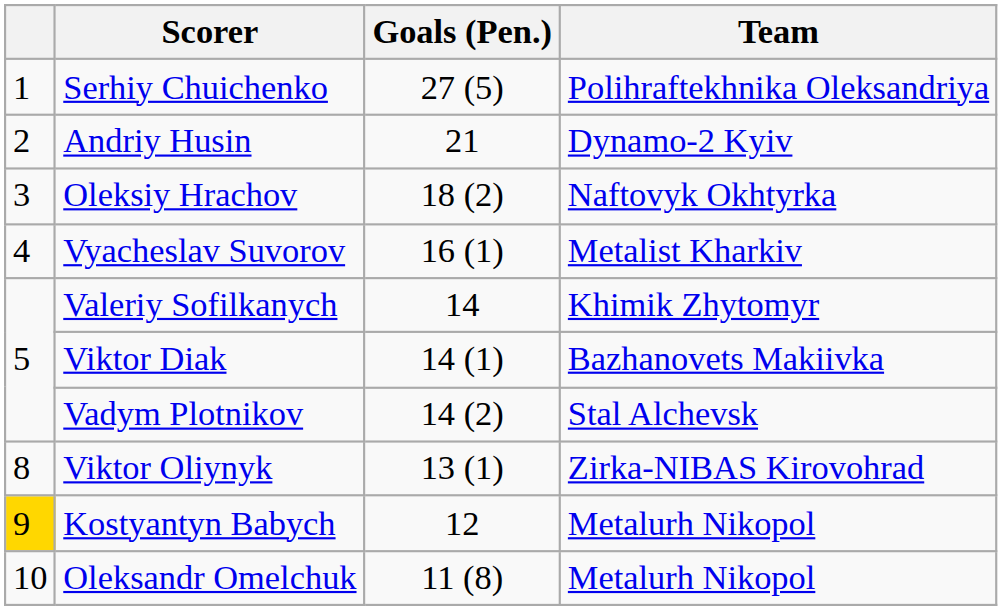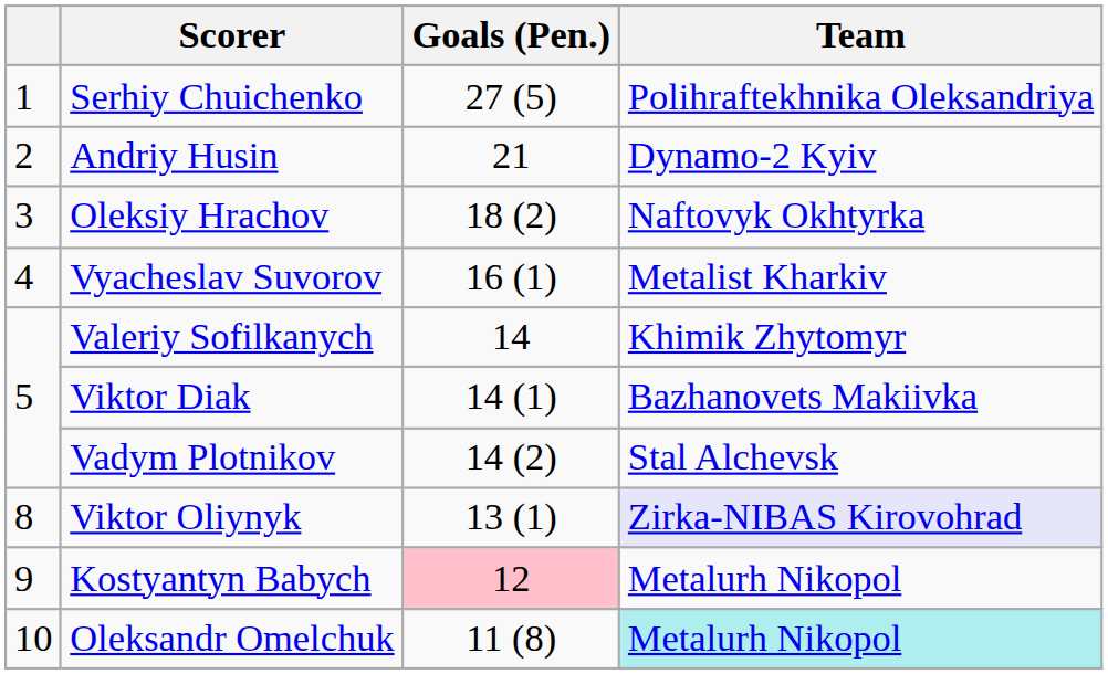 <table class="wikitable">
 <tr>
 <th></th>
 <th>Scorer</th>
 <th>Goals (Pen.)</th>
 <th>Team</th>
 </tr>
 <tr>
 <td>1</td>
 <td> <a href='#'>Serhiy Chuichenko</a></td>
 <td align=center>27 (5)</td>
 <td><a href='#'>Polihraftekhnika Oleksandriya</a></td>
 </tr>
 <tr>
 <td>2</td>
 <td> <a href='#'>Andriy Husin</a></td>
 <td align=center>21</td>
 <td><a href='#'>Dynamo-2 Kyiv</a></td>
 </tr>
 <tr>
 <td>3</td>
 <td> <a href='#'>Oleksiy Hrachov</a></td>
 <td align=center>18 (2)</td>
 <td><a href='#'>Naftovyk Okhtyrka</a></td>
 </tr>
 <tr>
 <td>4</td>
 <td> <a href='#'>Vyacheslav Suvorov</a></td>
 <td align=center>16 (1)</td>
 <td><a href='#'>Metalist Kharkiv</a></td>
 </tr>
 <tr>
 <td rowspan="3">5</td>
 <td> <a href='#'>Valeriy Sofilkanych</a></td>
 <td align=center>14</td>
 <td><a href='#'>Khimik Zhytomyr</a></td>
 </tr>
 <tr>
 <td> <a href='#'>Viktor Diak</a></td>
 <td align=center>14 (1)</td>
 <td><a href='#'>Bazhanovets Makiivka</a></td>
 </tr>
 <tr>
 <td> <a href='#'>Vadym Plotnikov</a></td>
 <td align=center>14 (2)</td>
 <td><a href='#'>Stal Alchevsk</a></td>
 </tr>
 <tr>
 <td>8</td>
 <td> <a href='#'>Viktor Oliynyk</a></td>
 <td align=center>13 (1)</td>
-<td><a href='#'>Zirka-NIBAS Kirovohrad</a></td>
+<td style="background: lavender;"><a href='#'>Zirka-NIBAS Kirovohrad</a></td>
 </tr>
 <tr>
-<td style="background: gold;">9</td>
+<td>9</td>
 <td> <a href='#'>Kostyantyn Babych</a></td>
-<td align=center>12</td>
+<td align=center style="background: pink;">12</td>
 <td><a href='#'>Metalurh Nikopol</a></td>
 </tr>
 <tr>
 <td>10</td>
 <td> <a href='#'>Oleksandr Omelchuk</a></td>
 <td align=center>11 (8)</td>
-<td><a href='#'>Metalurh Nikopol</a></td>
+<td style="background: paleturquoise;"><a href='#'>Metalurh Nikopol</a></td>
 </tr>
 </table>
